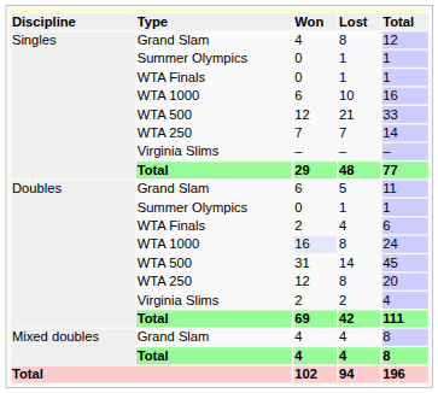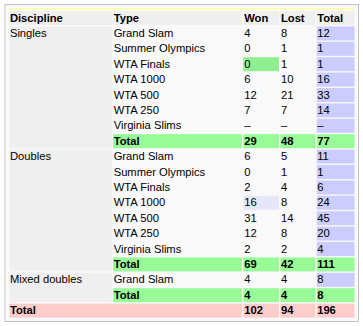 <table class="infobox vcard vevent nowrap" width=40%>
 <tr bgcolor=FFFF99>
 <th colspan=5></th>
 </tr>
 <tr style=background:#efefef;font-weight:bold>
 <td>Discipline</td>
 <td>Type</td>
 <td>Won</td>
 <td>Lost</td>
 <td>Total</td>
 </tr>
 <tr>
 <td rowspan="8" style="background:#efefef;">Singles</td>
 <td>Grand Slam</td>
 <td>4</td>
 <td>8</td>
 <td bgcolor="CCCCFF">12</td>
 </tr>
 <tr>
 <td>Summer Olympics</td>
 <td>0</td>
 <td>1</td>
 <td bgcolor="CCCCFF">1</td>
 </tr>
 <tr>
 <td>WTA Finals</td>
-<td>0</td>
+<td style="background: lightgreen;">0</td>
 <td>1</td>
 <td bgcolor="CCCCFF">1</td>
 </tr>
 <tr>
 <td>WTA 1000</td>
 <td>6</td>
 <td>10</td>
 <td bgcolor="CCCCFF">16</td>
 </tr>
 <tr>
 <td>WTA 500</td>
 <td>12</td>
 <td>21</td>
 <td bgcolor=CCCCFF>33</td>
 </tr>
 <tr>
 <td>WTA 250</td>
 <td>7</td>
 <td>7</td>
 <td bgcolor="CCCCFF">14</td>
 </tr>
 <tr>
 <td>Virginia Slims</td>
 <td>–</td>
 <td>–</td>
 <td bgcolor=CCCCFF>–</td>
 </tr>
 <tr style="background:#98FB98;font-weight:bold">
 <td>Total</td>
 <td>29</td>
 <td>48</td>
 <td>77</td>
 </tr>
 <tr>
 <td rowspan="8" style="background:#efefef;">Doubles</td>
 <td>Grand Slam</td>
 <td>6</td>
 <td>5</td>
 <td bgcolor="CCCCFF">11</td>
 </tr>
 <tr>
 <td>Summer Olympics</td>
 <td>0</td>
 <td>1</td>
 <td bgcolor="CCCCFF">1</td>
 </tr>
 <tr>
 <td>WTA Finals</td>
 <td>2</td>
 <td>4</td>
 <td bgcolor="CCCCFF">6</td>
 </tr>
 <tr>
 <td>WTA 1000</td>
 <td style="background: lavender;">16</td>
 <td>8</td>
 <td bgcolor="CCCCFF">24</td>
 </tr>
 <tr>
 <td>WTA 500</td>
 <td>31</td>
 <td>14</td>
 <td bgcolor="CCCCFF">45</td>
 </tr>
 <tr>
 <td>WTA 250</td>
 <td>12</td>
 <td>8</td>
 <td bgcolor="CCCCFF">20</td>
 </tr>
 <tr>
 <td>Virginia Slims</td>
 <td>2</td>
 <td>2</td>
 <td bgcolor=CCCCFF>4</td>
 </tr>
 <tr style="background:#98FB98;font-weight:bold">
 <td>Total</td>
 <td>69</td>
 <td>42</td>
 <td>111</td>
 </tr>
 <tr>
 <td rowspan="2" style="background:#efefef;">Mixed doubles</td>
 <td>Grand Slam</td>
 <td>4</td>
 <td>4</td>
 <td bgcolor=CCCCFF>8</td>
 </tr>
 <tr style="background:#98FB98;font-weight:bold">
 <td>Total</td>
 <td>4</td>
 <td>4</td>
 <td>8</td>
 </tr>
 <tr style="background:#FCC;font-weight:bold">
 <td colspan="2">Total</td>
 <td>102</td>
 <td>94</td>
 <td>196</td>
 </tr>
 </table>
